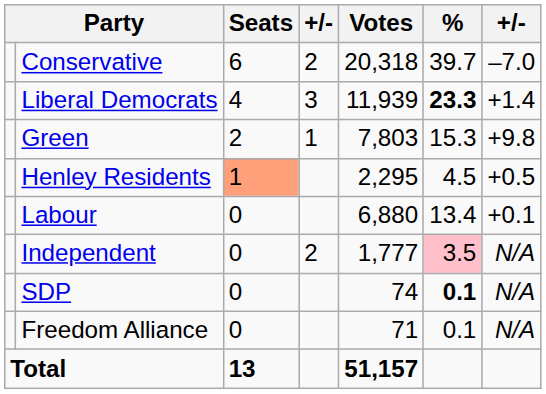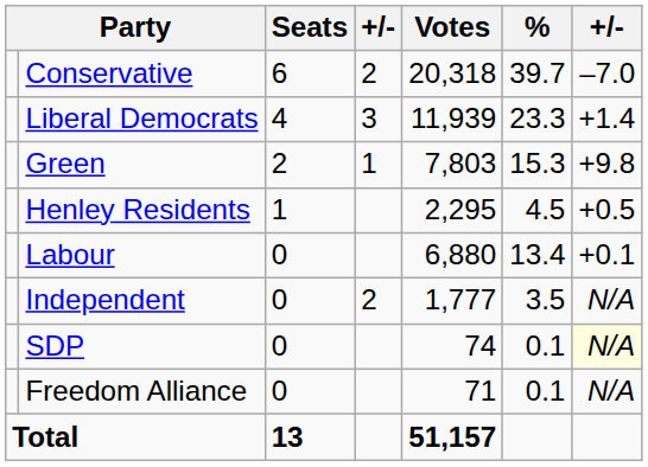 <table class="wikitable sortable">
 <tr>
 <th colspan="2">Party</th>
 <th>Seats</th>
 <th>+/-</th>
 <th>Votes</th>
 <th>%</th>
 <th>+/-</th>
 </tr>
 <tr>
 <td style="background-color: "></td>
 <td><a href='#'>Conservative</a></td>
 <td>6</td>
 <td> 2</td>
 <td style="text-align:right;">20,318</td>
 <td style="text-align:right;">39.7</td>
 <td style="text-align:right;">–7.0</td>
 </tr>
 <tr>
 <td style="background-color: "></td>
 <td><a href='#'>Liberal Democrats</a></td>
 <td>4</td>
 <td> 3</td>
 <td style="text-align:right;">11,939</td>
-<td style="text-align:right;"><strong>23.3</strong></td>
+<td style="text-align:right;">23.3</td>
 <td style="text-align:right;">+1.4</td>
 </tr>
 <tr>
 <td style="background-color: "></td>
 <td><a href='#'>Green</a></td>
 <td>2</td>
 <td> 1</td>
 <td style="text-align:right;">7,803</td>
 <td style="text-align:right;">15.3</td>
 <td style="text-align:right;">+9.8</td>
 </tr>
 <tr>
 <td style="background-color: "></td>
 <td><a href='#'>Henley Residents</a></td>
-<td style="background: lightsalmon;">1</td>
+<td>1</td>
 <td></td>
 <td style="text-align:right;">2,295</td>
 <td style="text-align:right;">4.5</td>
 <td style="text-align:right;">+0.5</td>
 </tr>
 <tr>
 <td style="background-color: "></td>
 <td><a href='#'>Labour</a></td>
 <td>0</td>
 <td></td>
 <td style="text-align:right;">6,880</td>
 <td style="text-align:right;">13.4</td>
 <td style="text-align:right;">+0.1</td>
 </tr>
 <tr>
 <td style="background-color: "></td>
 <td><a href='#'>Independent</a></td>
 <td>0</td>
 <td> 2</td>
 <td style="text-align:right;">1,777</td>
-<td style="background: pink; text-align:right;">3.5</td>
+<td style="text-align:right;">3.5</td>
 <td style="text-align:right;"><em>N/A</em></td>
 </tr>
 <tr>
 <td style="background-color: "></td>
 <td><a href='#'>SDP</a></td>
 <td>0</td>
 <td></td>
 <td style="text-align:right;">74</td>
-<td style="text-align:right;"><strong>0.1</strong></td>
-<td style="text-align:right;"><em>N/A</em></td>
+<td style="text-align:right;">0.1</td>
+<td style="background: lightyellow; text-align:right;"><em>N/A</em></td>
 </tr>
 <tr>
 <td style="background-color: "></td>
 <td>Freedom Alliance</td>
 <td>0</td>
 <td></td>
 <td style="text-align:right;">71</td>
 <td style="text-align:right;">0.1</td>
 <td style="text-align:right;"><em>N/A</em></td>
 </tr>
 <tr>
 <td colspan="2"><strong>Total</strong></td>
 <td><strong>13</strong></td>
 <td></td>
 <td style="text-align:right;"><strong>51,157</strong></td>
 <td style="text-align:right;"></td>
 <td style="text-align:right;"></td>
 </tr>
 </table>
